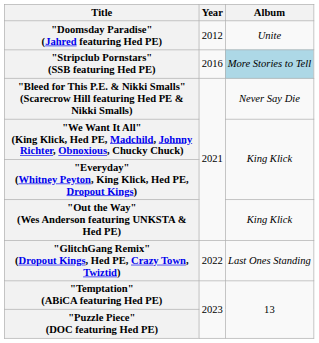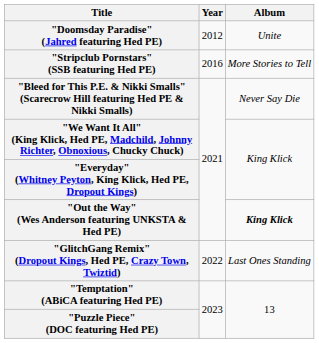 <table class="wikitable plainrowheaders" style="text-align:center;">
 <tr>
 <th scope="col" style="width:18em;">Title</th>
 <th scope="col">Year</th>
 <th scope="col">Album</th>
 </tr>
 <tr>
 <th scope="row">"Doomsday Paradise"<br><span>(<a href='#'>Jahred</a> featuring Hed PE)</span></th>
 <td>2012</td>
 <td><em>Unite</em></td>
 </tr>
 <tr>
 <th scope="row">"Stripclub Pornstars"<br><span>(SSB featuring Hed PE)</span></th>
 <td>2016</td>
-<td style="background: lightblue;"><em>More Stories to Tell</em></td>
+<td><em>More Stories to Tell</em></td>
 </tr>
 <tr>
 <th scope="row">"Bleed for This P.E. & Nikki Smalls"<br><span>(Scarecrow Hill featuring Hed PE & Nikki Smalls)</span></th>
 <td rowspan="4">2021</td>
 <td><em>Never Say Die</em></td>
 </tr>
 <tr>
 <th scope="row">"We Want It All"<br><span>(King Klick, Hed PE, <a href='#'>Madchild</a>, <a href='#'>Johnny Richter</a>, <a href='#'>Obnoxious</a>, Chucky Chuck)</span></th>
 <td rowspan="2"><em>King Klick</em></td>
 </tr>
 <tr>
 <th scope="row">"Everyday"<br><span>(<a href='#'>Whitney Peyton</a>, King Klick, Hed PE, <a href='#'>Dropout Kings</a>)</span></th>
 </tr>
 <tr>
 <th scope="row">"Out the Way"<br><span>(Wes Anderson featuring UNKSTA & Hed PE)</span></th>
-<td><em>King Klick</em></td>
+<td><strong><em>King Klick</em></strong></td>
 </tr>
 <tr>
 <th scope="row">"GlitchGang Remix"<br><span>(<a href='#'>Dropout Kings</a>, Hed PE, <a href='#'>Crazy Town</a>, <a href='#'>Twiztid</a>)</span></th>
 <td>2022</td>
 <td><em>Last Ones Standing</em></td>
 </tr>
 <tr>
 <th scope="row">"Temptation"<br><span>(ABiCA featuring Hed PE)</span></th>
 <td rowspan="2">2023</td>
 <td rowspan="2">13</td>
 </tr>
 <tr>
 <th scope="row">"Puzzle Piece"<br><span>(DOC featuring Hed PE)</span></th>
 </tr>
 </table>
